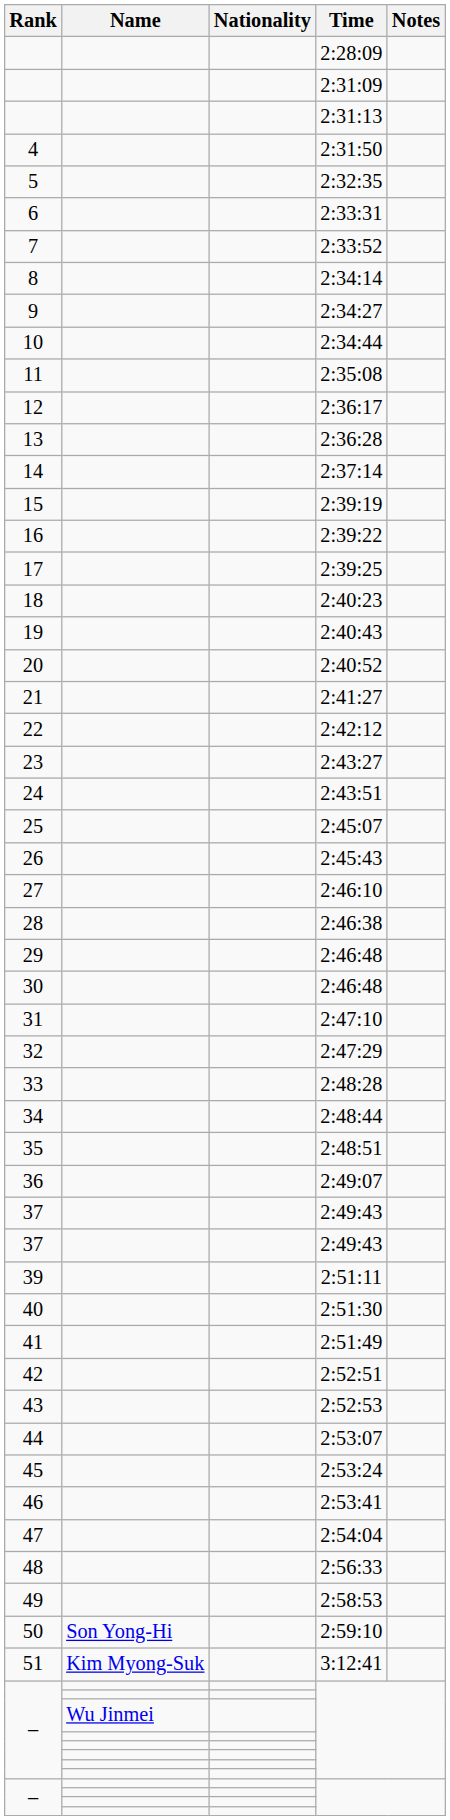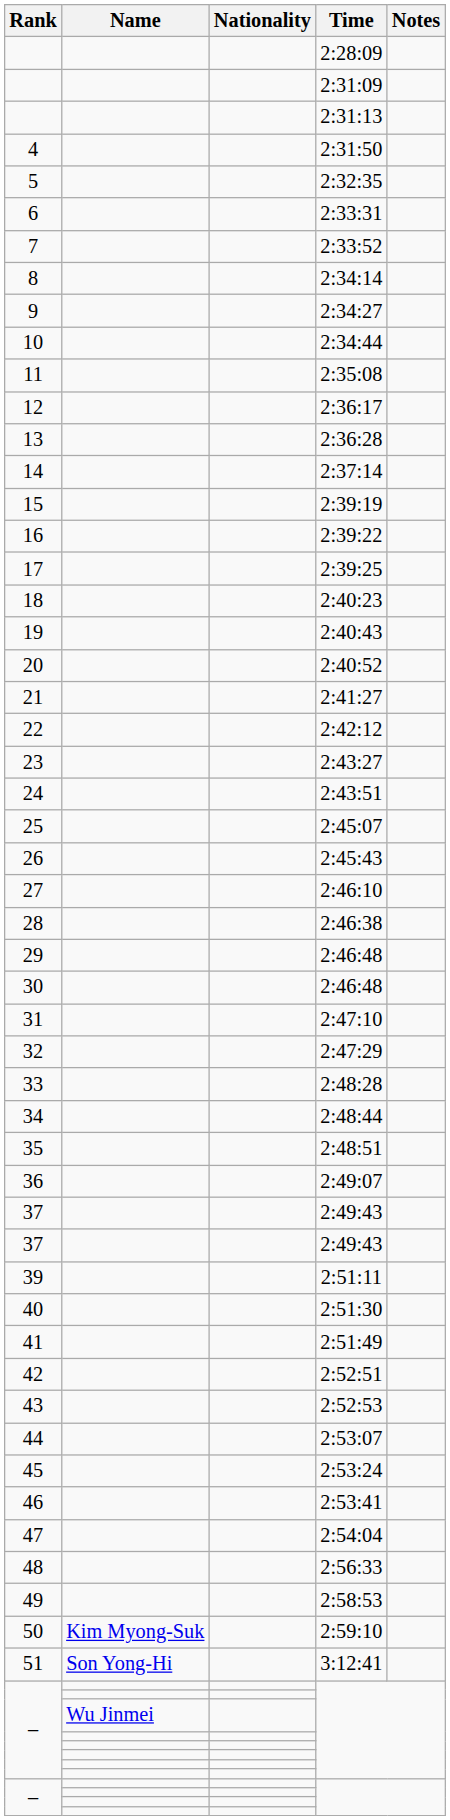 <table class="wikitable sortable" style="text-align:center">
 <tr>
 <th scope="col">Rank</th>
 <th scope="col">Name</th>
 <th scope="col">Nationality</th>
 <th scope="col">Time</th>
 <th scope="col">Notes</th>
 </tr>
 <tr>
 <td scope="row"></td>
 <td align=left></td>
 <td align=left></td>
 <td>2:28:09</td>
 <td></td>
 </tr>
 <tr>
 <td scope="row"></td>
 <td align=left></td>
 <td align=left></td>
 <td>2:31:09</td>
 <td></td>
 </tr>
 <tr>
 <td scope="row"></td>
 <td align=left></td>
 <td align=left></td>
 <td>2:31:13</td>
 <td><strong></strong></td>
 </tr>
 <tr>
 <td scope="row">4</td>
 <td align=left></td>
 <td align=left></td>
 <td>2:31:50</td>
 <td></td>
 </tr>
 <tr>
 <td scope="row">5</td>
 <td align=left></td>
 <td align=left></td>
 <td>2:32:35</td>
 <td></td>
 </tr>
 <tr>
 <td scope="row">6</td>
 <td align=left></td>
 <td align=left></td>
 <td>2:33:31</td>
 <td></td>
 </tr>
 <tr>
 <td scope="row">7</td>
 <td align=left></td>
 <td align=left></td>
 <td>2:33:52</td>
 <td></td>
 </tr>
 <tr>
 <td scope="row">8</td>
 <td align=left></td>
 <td align=left></td>
 <td>2:34:14</td>
 <td><strong></strong></td>
 </tr>
 <tr>
 <td scope="row">9</td>
 <td align=left></td>
 <td align=left></td>
 <td>2:34:27</td>
 <td></td>
 </tr>
 <tr>
 <td scope="row">10</td>
 <td align=left></td>
 <td align=left></td>
 <td>2:34:44</td>
 <td></td>
 </tr>
 <tr>
 <td scope="row">11</td>
 <td align=left></td>
 <td align=left></td>
 <td>2:35:08</td>
 <td></td>
 </tr>
 <tr>
 <td scope="row">12</td>
 <td align=left></td>
 <td align=left></td>
 <td>2:36:17</td>
 <td></td>
 </tr>
 <tr>
 <td scope="row">13</td>
 <td align=left></td>
 <td align=left></td>
 <td>2:36:28</td>
 <td></td>
 </tr>
 <tr>
 <td scope="row">14</td>
 <td align=left></td>
 <td align=left></td>
 <td>2:37:14</td>
 <td></td>
 </tr>
 <tr>
 <td scope="row">15</td>
 <td align=left></td>
 <td align=left></td>
 <td>2:39:19</td>
 <td></td>
 </tr>
 <tr>
 <td scope="row">16</td>
 <td align=left></td>
 <td align=left></td>
 <td>2:39:22</td>
 <td></td>
 </tr>
 <tr>
 <td scope="row">17</td>
 <td align=left></td>
 <td align=left></td>
 <td>2:39:25</td>
 <td></td>
 </tr>
 <tr>
 <td scope="row">18</td>
 <td align=left></td>
 <td align=left></td>
 <td>2:40:23</td>
 <td></td>
 </tr>
 <tr>
 <td scope="row">19</td>
 <td align=left></td>
 <td align=left></td>
 <td>2:40:43</td>
 <td></td>
 </tr>
 <tr>
 <td scope="row">20</td>
 <td align=left></td>
 <td align=left></td>
 <td>2:40:52</td>
 <td></td>
 </tr>
 <tr>
 <td scope="row">21</td>
 <td align=left></td>
 <td align=left></td>
 <td>2:41:27</td>
 <td></td>
 </tr>
 <tr>
 <td scope="row">22</td>
 <td align=left></td>
 <td align=left></td>
 <td>2:42:12</td>
 <td></td>
 </tr>
 <tr>
 <td scope="row">23</td>
 <td align=left></td>
 <td align=left></td>
 <td>2:43:27</td>
 <td></td>
 </tr>
 <tr>
 <td scope="row">24</td>
 <td align=left></td>
 <td align=left></td>
 <td>2:43:51</td>
 <td></td>
 </tr>
 <tr>
 <td scope="row">25</td>
 <td align=left></td>
 <td align=left></td>
 <td>2:45:07</td>
 <td></td>
 </tr>
 <tr>
 <td scope="row">26</td>
 <td align=left></td>
 <td align=left></td>
 <td>2:45:43</td>
 <td></td>
 </tr>
 <tr>
 <td scope="row">27</td>
 <td align=left></td>
 <td align=left></td>
 <td>2:46:10</td>
 <td></td>
 </tr>
 <tr>
 <td scope="row">28</td>
 <td align=left></td>
 <td align=left></td>
 <td>2:46:38</td>
 <td></td>
 </tr>
 <tr>
 <td scope="row">29</td>
 <td align=left></td>
 <td align=left></td>
 <td>2:46:48</td>
 <td></td>
 </tr>
 <tr>
 <td scope="row">30</td>
 <td align=left></td>
 <td align=left></td>
 <td>2:46:48</td>
 <td></td>
 </tr>
 <tr>
 <td scope="row">31</td>
 <td align=left></td>
 <td align=left></td>
 <td>2:47:10</td>
 <td></td>
 </tr>
 <tr>
 <td scope="row">32</td>
 <td align=left></td>
 <td align=left></td>
 <td>2:47:29</td>
 <td></td>
 </tr>
 <tr>
 <td scope="row">33</td>
 <td align=left></td>
 <td align=left></td>
 <td>2:48:28</td>
 <td></td>
 </tr>
 <tr>
 <td scope="row">34</td>
 <td align=left></td>
 <td align=left></td>
 <td>2:48:44</td>
 <td></td>
 </tr>
 <tr>
 <td scope="row">35</td>
 <td align=left></td>
 <td align=left></td>
 <td>2:48:51</td>
 <td></td>
 </tr>
 <tr>
 <td scope="row">36</td>
 <td align=left></td>
 <td align=left></td>
 <td>2:49:07</td>
 <td></td>
 </tr>
 <tr>
 <td scope="row">37</td>
 <td align=left></td>
 <td align=left></td>
 <td>2:49:43</td>
 <td></td>
 </tr>
 <tr>
 <td scope="row">37</td>
 <td align=left></td>
 <td align=left></td>
 <td>2:49:43</td>
 <td></td>
 </tr>
 <tr>
 <td scope="row">39</td>
 <td align=left></td>
 <td align=left></td>
 <td>2:51:11</td>
 <td></td>
 </tr>
 <tr>
 <td scope="row">40</td>
 <td align=left></td>
 <td align=left></td>
 <td>2:51:30</td>
 <td></td>
 </tr>
 <tr>
 <td scope="row">41</td>
 <td align=left></td>
 <td align=left></td>
 <td>2:51:49</td>
 <td></td>
 </tr>
 <tr>
 <td scope="row">42</td>
 <td align=left></td>
 <td align=left></td>
 <td>2:52:51</td>
 <td></td>
 </tr>
 <tr>
 <td scope="row">43</td>
 <td align=left></td>
 <td align=left></td>
 <td>2:52:53</td>
 <td></td>
 </tr>
 <tr>
 <td scope="row">44</td>
 <td align=left></td>
 <td align=left></td>
 <td>2:53:07</td>
 <td></td>
 </tr>
 <tr>
 <td scope="row">45</td>
 <td align=left></td>
 <td align=left></td>
 <td>2:53:24</td>
 <td></td>
 </tr>
 <tr>
 <td scope="row">46</td>
 <td align=left></td>
 <td align=left></td>
 <td>2:53:41</td>
 <td></td>
 </tr>
 <tr>
 <td scope="row">47</td>
 <td align=left></td>
 <td align=left></td>
 <td>2:54:04</td>
 <td></td>
 </tr>
 <tr>
 <td scope="row">48</td>
 <td align=left></td>
 <td align=left></td>
 <td>2:56:33</td>
 <td></td>
 </tr>
 <tr>
 <td scope="row">49</td>
 <td align=left></td>
 <td align=left></td>
 <td>2:58:53</td>
 <td></td>
 </tr>
 <tr>
 <td scope="row">50</td>
-<td align=left><a href='#'>Son Yong-Hi</a></td>
+<td align=left><a href='#'>Kim Myong-Suk</a></td>
 <td align=left></td>
 <td>2:59:10</td>
 <td></td>
 </tr>
 <tr>
 <td scope="row">51</td>
-<td align=left><a href='#'>Kim Myong-Suk</a></td>
+<td align=left><a href='#'>Son Yong-Hi</a></td>
 <td align=left></td>
 <td>3:12:41</td>
 <td></td>
 </tr>
 <tr>
 <td scope="row" rowspan=8>–</td>
 <td align=left></td>
 <td align=left></td>
 <td rowspan=8 colspan=2></td>
 </tr>
 <tr>
 <td align=left></td>
 <td align=left></td>
 </tr>
 <tr>
 <td align=left><a href='#'>Wu Jinmei</a></td>
 <td align=left></td>
 </tr>
 <tr>
 <td align=left></td>
 <td align=left></td>
 </tr>
 <tr>
 <td align=left></td>
 <td align=left></td>
 </tr>
 <tr>
 <td align=left></td>
 <td align=left></td>
 </tr>
 <tr>
 <td align=left></td>
 <td align=left></td>
 </tr>
 <tr>
 <td align=left></td>
 <td align=left></td>
 </tr>
 <tr>
 <td scope="row" rowspan=4>–</td>
 <td align=left></td>
 <td align=left></td>
 <td rowspan=4 colspan=2></td>
 </tr>
 <tr>
 <td align=left></td>
 <td align=left></td>
 </tr>
 <tr>
 <td align=left></td>
 <td align=left></td>
 </tr>
 <tr>
 <td align=left></td>
 <td align=left></td>
 </tr>
 </table>
